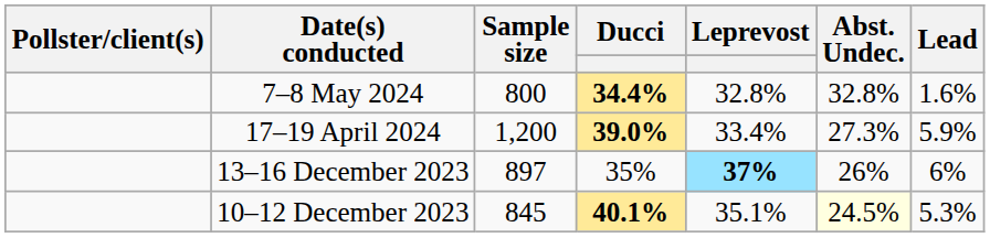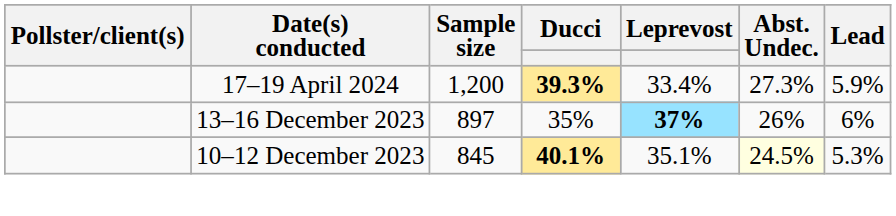 <table class="wikitable" style="text-align:center;font-size:90%;line-height:14px;">
 <tr>
 <th rowspan="2">Pollster/client(s)</th>
 <th rowspan="2">Date(s)<br>conducted</th>
 <th rowspan="2">Sample<br>size</th>
 <th class="unsortable" style="width:50px;">Ducci<br></th>
 <th class="unsortable" style="width:50px;">Leprevost<br></th>
 <th rowspan="2">Abst.<br>Undec.</th>
 <th rowspan="2">Lead</th>
 </tr>
 <tr>
 <th data-sort-type="number" class="sortable" style="background:"></th>
 <th data-sort-type="number" class="sortable" style="background:"></th>
 </tr>
 <tr>
 <td></td>
-<td>7–8 May 2024</td>
-<td>800</td>
-<td style="background:#ffea98;"><strong>34.4%</strong></td>
-<td>32.8%</td>
-<td>32.8%</td>
-<td style="background:">1.6%</td>
-</tr>
-<tr>
-<td></td>
 <td>17–19 April 2024</td>
 <td>1,200</td>
-<td style="background:#ffea98;"><strong>39.0%</strong></td>
+<td style="background:#ffea98;"><strong>39.3%</strong></td>
 <td>33.4%</td>
 <td>27.3%</td>
 <td style="background:">5.9%</td>
 </tr>
 <tr>
 <td></td>
 <td>13–16 December 2023</td>
 <td>897</td>
 <td>35%</td>
 <td style="background:#97e3ff;"><strong>37%</strong></td>
 <td>26%</td>
 <td style="background:">6%</td>
 </tr>
 <tr>
 <td></td>
 <td>10–12 December 2023</td>
 <td>845</td>
 <td style="background:#ffea98;"><strong>40.1%</strong></td>
 <td>35.1%</td>
 <td style="background: lightyellow;">24.5%</td>
 <td style="background:">5.3%</td>
 </tr>
 </table>
